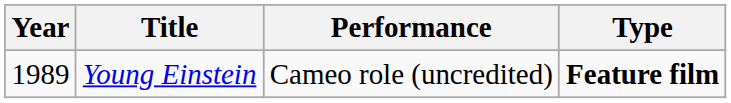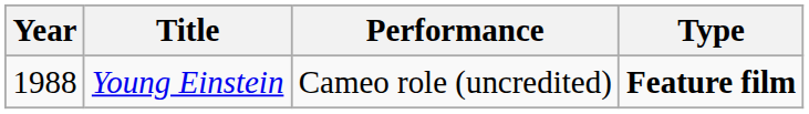 <table class="wikitable">
 <tr>
 <th>Year</th>
 <th>Title</th>
 <th>Performance</th>
 <th>Type</th>
 </tr>
 <tr>
-<td>1989</td>
+<td>1988</td>
 <td><em><a href='#'>Young Einstein</a></em></td>
 <td>Cameo role (uncredited)</td>
 <td><strong>Feature film</strong></td>
 </tr>
 </table>
